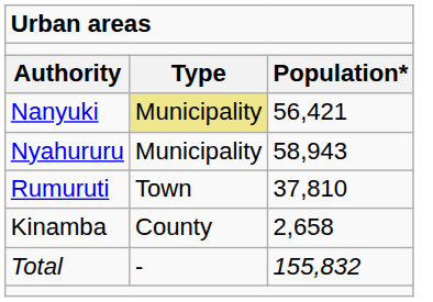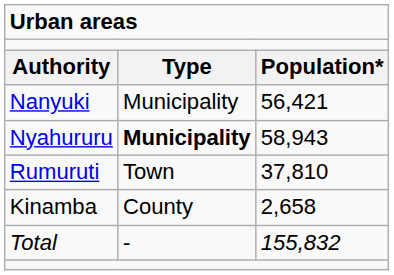 <table class="wikitable">
 <tr>
 <td colspan="4"><strong>Urban areas</strong></td>
 </tr>
 <tr>
 <td colspan="4"></td>
 </tr>
 <tr>
 <th>Authority</th>
 <th>Type</th>
 <th>Population*</th>
 </tr>
 <tr>
 <td><a href='#'>Nanyuki</a></td>
-<td style="background: khaki;">Municipality</td>
+<td>Municipality</td>
 <td>56,421</td>
 </tr>
 <tr>
 <td><a href='#'>Nyahururu</a></td>
-<td>Municipality</td>
+<td><strong>Municipality</strong></td>
 <td>58,943</td>
 </tr>
 <tr>
 <td><a href='#'>Rumuruti</a></td>
 <td>Town</td>
 <td>37,810</td>
 </tr>
 <tr>
 <td>Kinamba</td>
 <td>County</td>
 <td>2,658</td>
 </tr>
 <tr>
 <td><em>Total</em></td>
 <td>-</td>
 <td><em>155,832</em></td>
 </tr>
 <tr>
 <td colspan="4"></td>
 </tr>
 </table>
